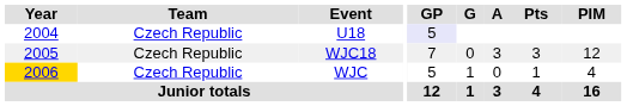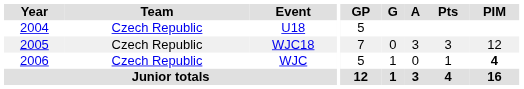 <table border="0" cellpadding="1" cellspacing="0" ID="Table3" style="text-align:center; width:40em">
 <tr bgcolor="#e0e0e0">
 <th>Year</th>
 <th>Team</th>
 <th>Event</th>
 <th rowspan="102" bgcolor="#ffffff"></th>
 <th>GP</th>
 <th>G</th>
 <th>A</th>
 <th>Pts</th>
 <th>PIM</th>
 </tr>
 <tr>
 <td><a href='#'>2004</a></td>
 <td><a href='#'>Czech Republic</a></td>
 <td><a href='#'>U18</a></td>
-<td style="background: lavender;">5</td>
+<td>5</td>
 <td></td>
 <td></td>
 <td></td>
 <td></td>
 <td></td>
 </tr>
 <tr bgcolor="#f0f0f0">
 <td><a href='#'>2005</a></td>
 <td>Czech Republic</td>
 <td><a href='#'>WJC18</a></td>
 <td>7</td>
 <td>0</td>
 <td>3</td>
 <td>3</td>
 <td>12</td>
 </tr>
 <tr>
-<td style="background: gold;"><a href='#'>2006</a></td>
+<td><a href='#'>2006</a></td>
 <td><a href='#'>Czech Republic</a></td>
 <td><a href='#'>WJC</a></td>
 <td>5</td>
 <td>1</td>
 <td>0</td>
 <td>1</td>
-<td>4</td>
+<td><strong>4</strong></td>
 </tr>
 <tr bgcolor="#e0e0e0">
 <th colspan="3">Junior totals</th>
 <th>12</th>
 <th>1</th>
 <th>3</th>
 <th>4</th>
 <th>16</th>
 </tr>
 </table>
